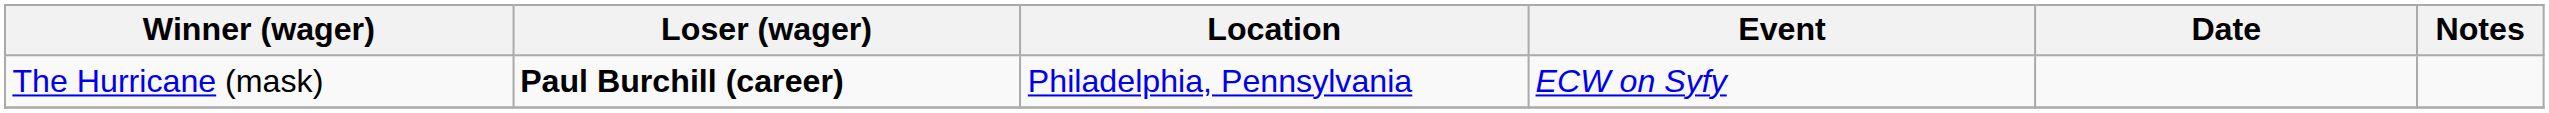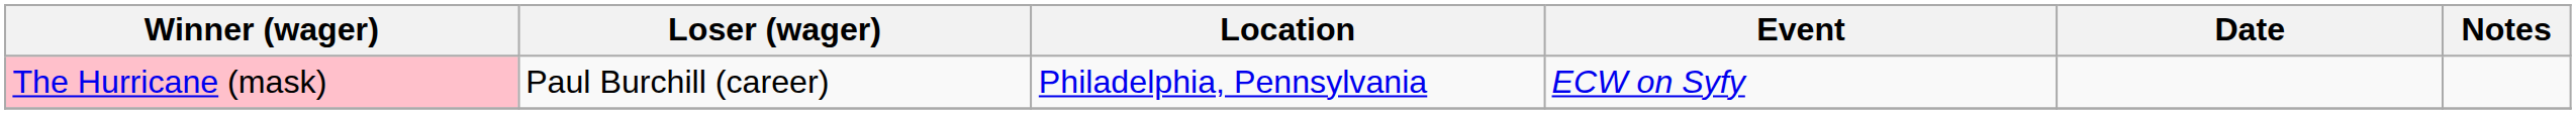 <table class="wikitable" width=100%>
 <tr>
 <th width=20%>Winner (wager)</th>
 <th width=20%>Loser (wager)</th>
 <th width=20%>Location</th>
 <th width=20%>Event</th>
 <th width=15%>Date</th>
 <th width=5%>Notes</th>
 </tr>
 <tr>
-<td><a href='#'>The Hurricane</a> (mask)</td>
-<td><strong>Paul Burchill (career)</strong></td>
+<td style="background: pink;"><a href='#'>The Hurricane</a> (mask)</td>
+<td>Paul Burchill (career)</td>
 <td><a href='#'>Philadelphia, Pennsylvania</a></td>
 <td><em><a href='#'>ECW on Syfy</a></em></td>
 <td></td>
 <td></td>
 </tr>
 <tr>
 </tr>
 </table>
